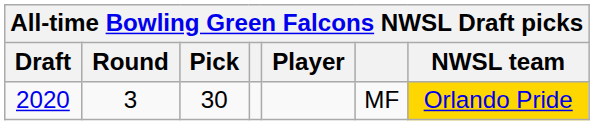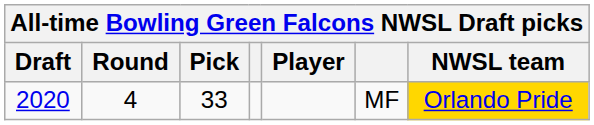 <table class="wikitable sortable" style="text-align: center;">
 <tr>
 <th colspan="7" style="background:#">All-time <a href='#'><span>Bowling Green Falcons</span></a> NWSL Draft picks</th>
 </tr>
 <tr>
 <th scope="col">Draft</th>
 <th scope="col">Round</th>
 <th scope="col">Pick</th>
 <th scope="col"></th>
 <th scope="col">Player</th>
 <th scope="col"></th>
 <th scope="col">NWSL team</th>
 </tr>
 <tr>
 <td><a href='#'>2020</a></td>
-<td>3</td>
-<td>30</td>
+<td>4</td>
+<td>33</td>
 <td></td>
 <td></td>
 <td>MF</td>
 <td style="background: gold;"><a href='#'>Orlando Pride</a></td>
 </tr>
 </table>
